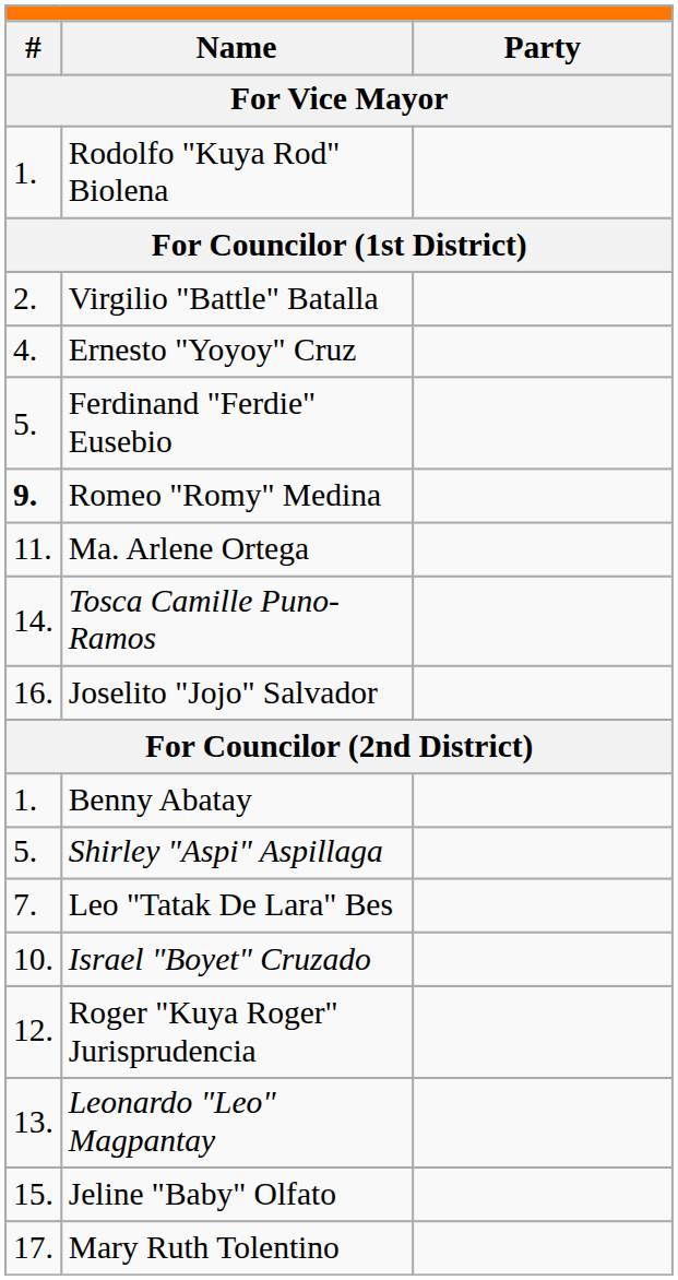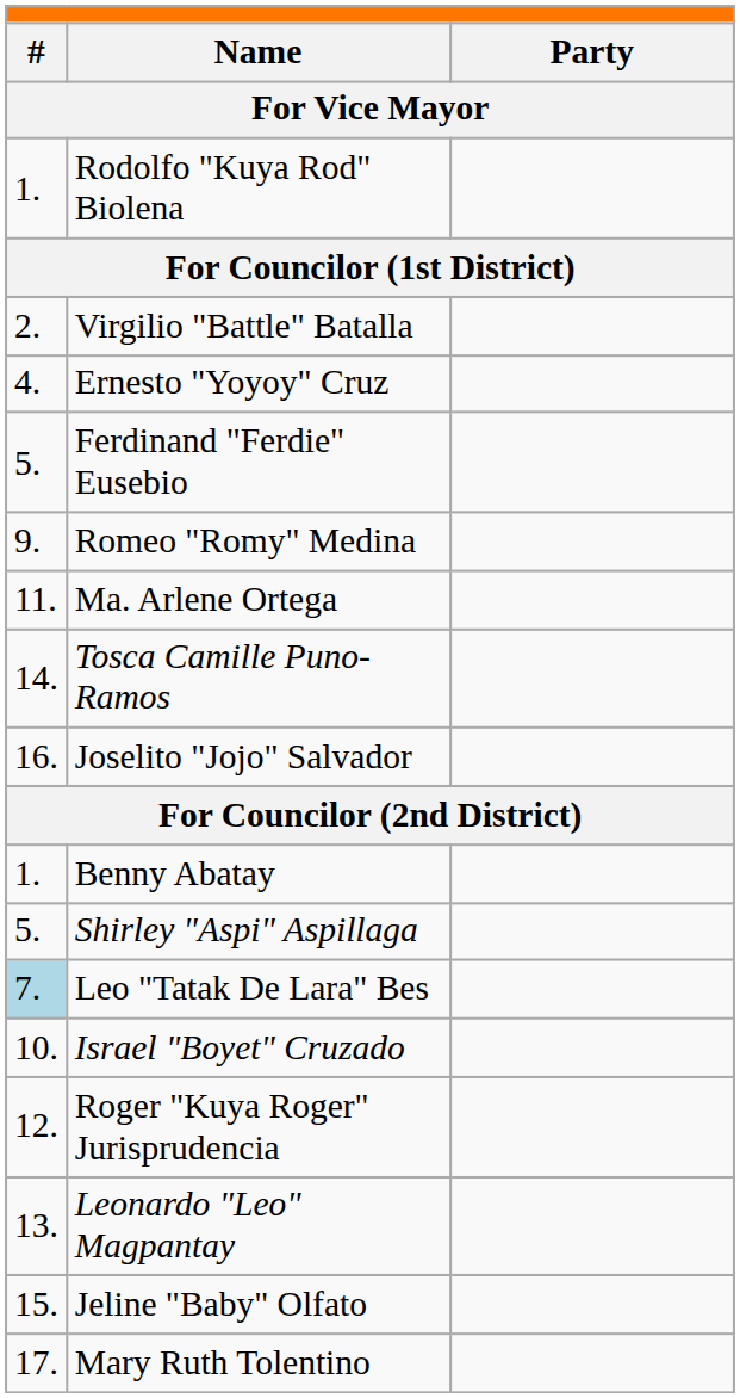 <table class="wikitable" style="font-size:90%">
 <tr>
 <td colspan="5" bgcolor="#fe7600"></td>
 </tr>
 <tr>
 <th>#</th>
 <th width=150px>Name</th>
 <th colspan=2 width=110px>Party</th>
 </tr>
 <tr>
 <th colspan="5">For Vice Mayor</th>
 </tr>
 <tr>
 <td>1.</td>
 <td>Rodolfo "Kuya Rod" Biolena</td>
 <td></td>
 </tr>
 <tr>
 <th colspan="5">For Councilor (1st District)</th>
 </tr>
 <tr>
 <td>2.</td>
 <td>Virgilio "Battle" Batalla</td>
 <td></td>
 </tr>
 <tr>
 <td>4.</td>
 <td>Ernesto "Yoyoy" Cruz</td>
 <td></td>
 </tr>
 <tr>
 <td>5.</td>
 <td>Ferdinand "Ferdie" Eusebio</td>
 <td></td>
 </tr>
 <tr>
-<td><strong>9.</strong></td>
+<td>9.</td>
 <td>Romeo "Romy" Medina</td>
 <td></td>
 </tr>
 <tr>
 <td>11.</td>
 <td>Ma. Arlene Ortega</td>
 <td></td>
 </tr>
 <tr>
 <td>14.</td>
 <td><em>Tosca Camille Puno-Ramos</em></td>
 <td></td>
 </tr>
 <tr>
 <td>16.</td>
 <td>Joselito "Jojo" Salvador</td>
 <td></td>
 </tr>
 <tr>
 <th colspan="5">For Councilor (2nd District)</th>
 </tr>
 <tr>
 <td>1.</td>
 <td>Benny Abatay</td>
 <td></td>
 </tr>
 <tr>
 <td>5.</td>
 <td><em>Shirley "Aspi" Aspillaga</em></td>
 <td></td>
 </tr>
 <tr>
-<td>7.</td>
+<td style="background: lightblue;">7.</td>
 <td>Leo "Tatak De Lara" Bes</td>
 <td></td>
 </tr>
 <tr>
 <td>10.</td>
 <td><em>Israel "Boyet" Cruzado</em></td>
 <td></td>
 </tr>
 <tr>
 <td>12.</td>
 <td>Roger "Kuya Roger" Jurisprudencia</td>
 <td></td>
 </tr>
 <tr>
 <td>13.</td>
 <td><em>Leonardo "Leo" Magpantay</em></td>
 <td></td>
 </tr>
 <tr>
 <td>15.</td>
 <td>Jeline "Baby" Olfato</td>
 <td></td>
 </tr>
 <tr>
 <td>17.</td>
 <td>Mary Ruth Tolentino</td>
 <td></td>
 </tr>
 </table>
